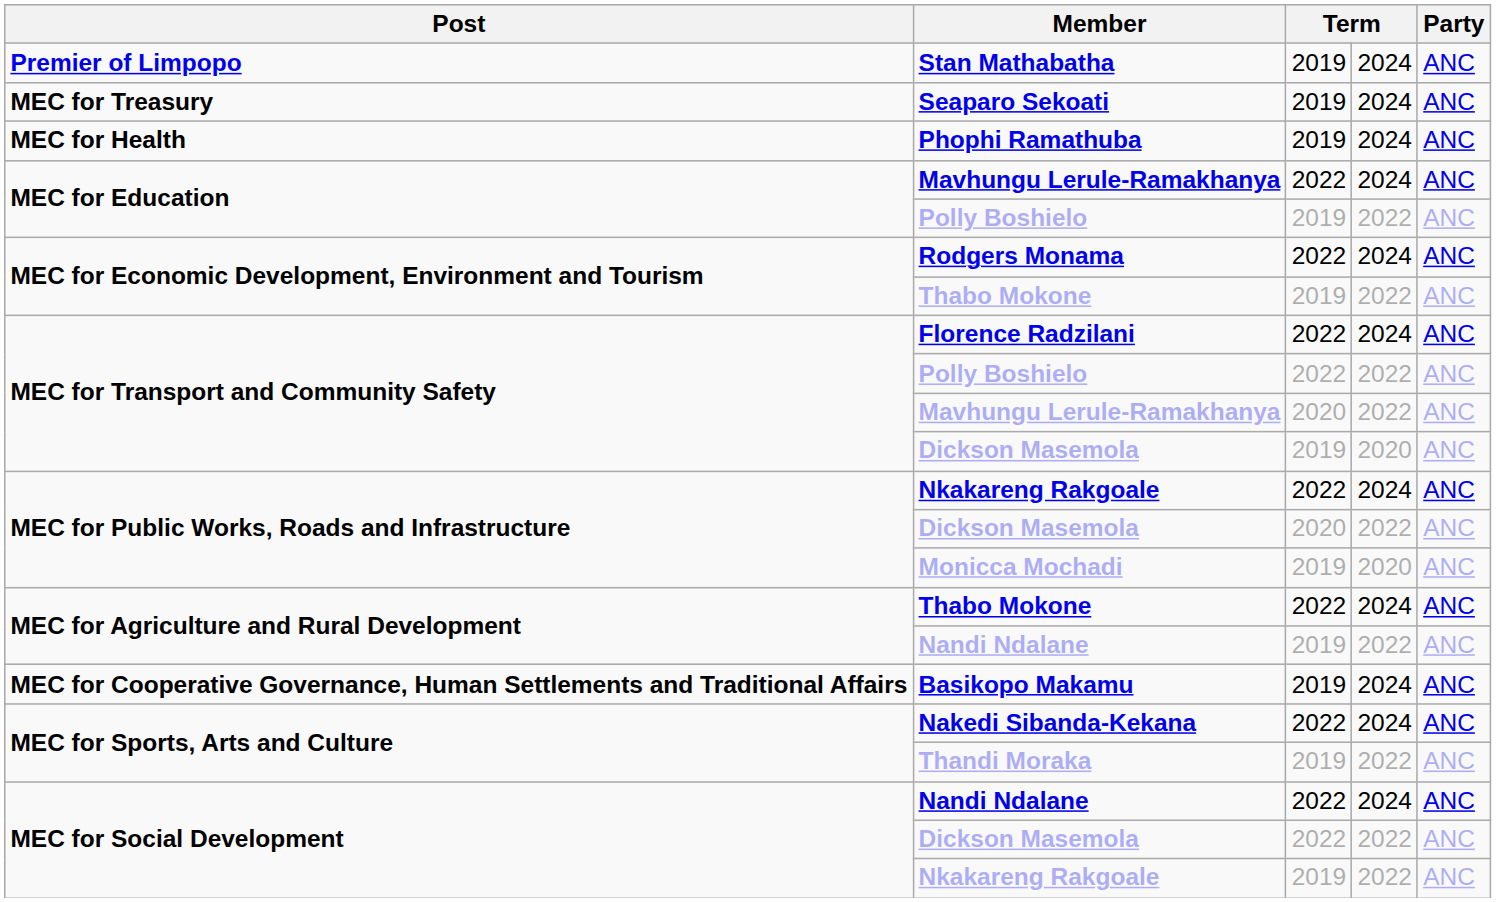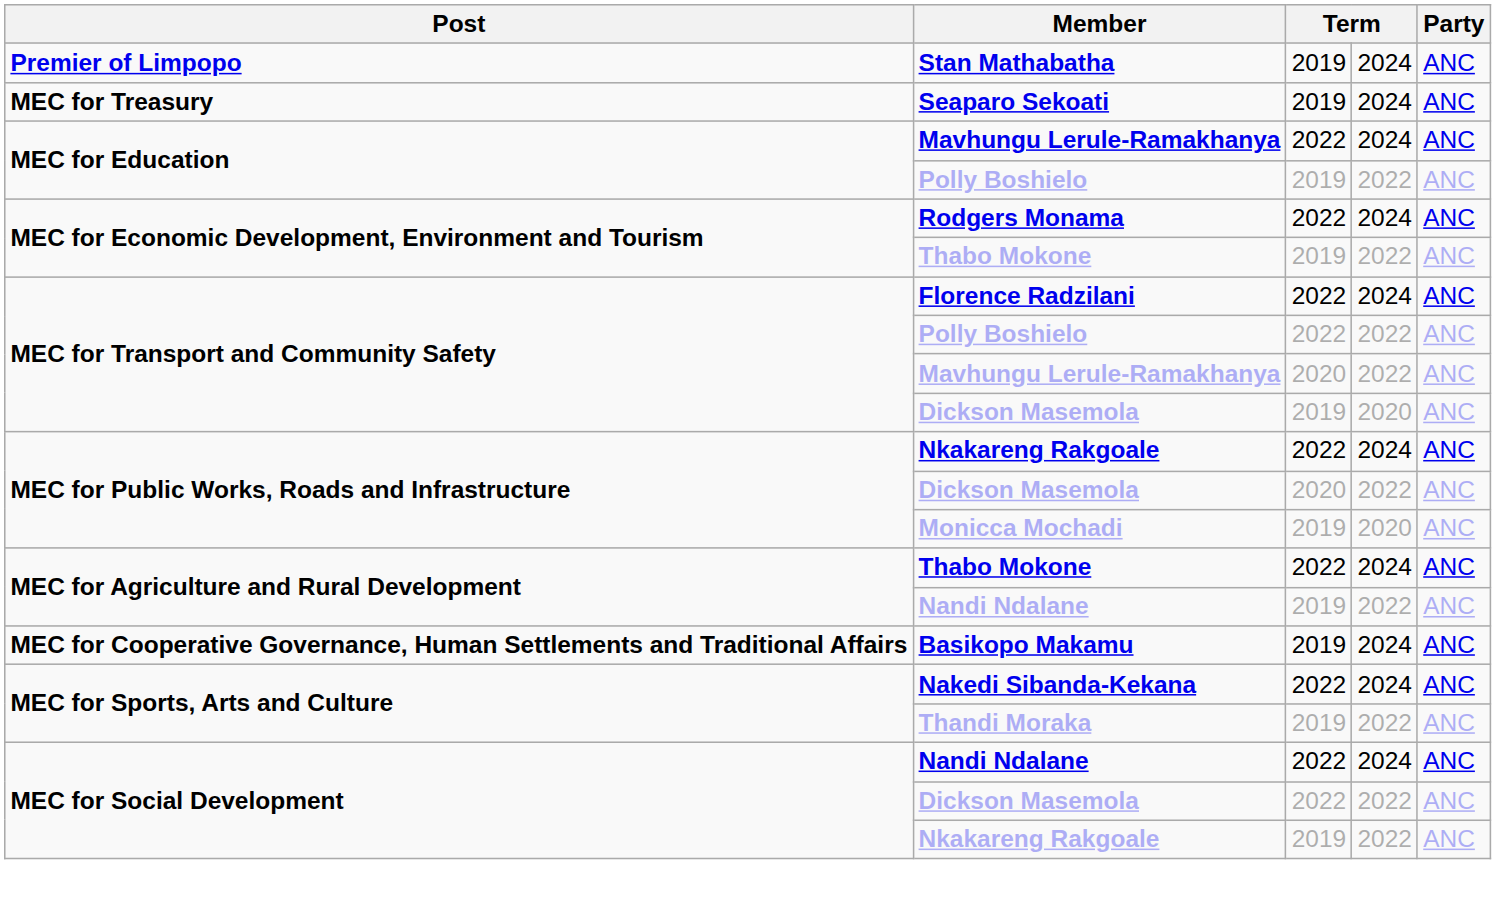 <table class="wikitable">
 <tr>
 <th>Post</th>
 <th>Member</th>
 <th colspan="2">Term</th>
 <th>Party</th>
 </tr>
 <tr>
 <td><strong><a href='#'>Premier of Limpopo</a></strong></td>
 <td><strong><a href='#'>Stan Mathabatha</a></strong></td>
 <td>2019</td>
 <td>2024</td>
 <td><a href='#'>ANC</a></td>
 </tr>
 <tr>
 <td><strong>MEC for Treasury</strong></td>
 <td><strong><a href='#'>Seaparo Sekoati</a></strong></td>
-<td>2019</td>
-<td>2024</td>
-<td><a href='#'>ANC</a></td>
-</tr>
-<tr>
-<td><strong>MEC for Health</strong></td>
-<td><strong><a href='#'>Phophi Ramathuba</a></strong></td>
 <td>2019</td>
 <td>2024</td>
 <td><a href='#'>ANC</a></td>
 </tr>
 <tr>
 <td rowspan="2"><strong>MEC for Education</strong></td>
 <td><strong><a href='#'>Mavhungu Lerule-Ramakhanya</a></strong></td>
 <td>2022</td>
 <td>2024</td>
 <td><a href='#'>ANC</a></td>
 </tr>
 <tr style="opacity:.3;">
 <td><strong><a href='#'>Polly Boshielo</a></strong></td>
 <td>2019</td>
 <td>2022</td>
 <td><a href='#'>ANC</a></td>
 </tr>
 <tr>
 <td rowspan="2"><strong>MEC for Economic Development, Environment and Tourism</strong></td>
 <td><strong><a href='#'>Rodgers Monama</a></strong></td>
 <td>2022</td>
 <td>2024</td>
 <td><a href='#'>ANC</a></td>
 </tr>
 <tr style="opacity:.3;">
 <td><strong><a href='#'>Thabo Mokone</a></strong></td>
 <td>2019</td>
 <td>2022</td>
 <td><a href='#'>ANC</a></td>
 </tr>
 <tr>
 <td rowspan="4"><strong>MEC for Transport and Community Safety</strong></td>
 <td><strong><a href='#'>Florence Radzilani</a></strong></td>
 <td>2022</td>
 <td>2024</td>
 <td><a href='#'>ANC</a></td>
 </tr>
 <tr style="opacity:.3;">
 <td><strong><a href='#'>Polly Boshielo</a></strong></td>
 <td>2022</td>
 <td>2022</td>
 <td><a href='#'>ANC</a></td>
 </tr>
 <tr style="opacity:.3;">
 <td><strong><a href='#'>Mavhungu Lerule-Ramakhanya</a></strong></td>
 <td>2020</td>
 <td>2022</td>
 <td><a href='#'>ANC</a></td>
 </tr>
 <tr style="opacity:.3;">
 <td><strong><a href='#'>Dickson Masemola</a></strong></td>
 <td>2019</td>
 <td>2020</td>
 <td><a href='#'>ANC</a></td>
 </tr>
 <tr>
 <td rowspan="3"><strong>MEC for Public Works, Roads and Infrastructure</strong></td>
 <td><strong><a href='#'>Nkakareng Rakgoale</a></strong></td>
 <td>2022</td>
 <td>2024</td>
 <td><a href='#'>ANC</a></td>
 </tr>
 <tr style="opacity:.3;">
 <td><strong><a href='#'>Dickson Masemola</a></strong></td>
 <td>2020</td>
 <td>2022</td>
 <td><a href='#'>ANC</a></td>
 </tr>
 <tr style="opacity:.3;">
 <td><strong><a href='#'>Monicca Mochadi</a></strong></td>
 <td>2019</td>
 <td>2020</td>
 <td><a href='#'>ANC</a></td>
 </tr>
 <tr>
 <td rowspan="2"><strong>MEC for Agriculture and Rural Development</strong></td>
 <td><strong><a href='#'>Thabo Mokone</a></strong></td>
 <td>2022</td>
 <td>2024</td>
 <td><a href='#'>ANC</a></td>
 </tr>
 <tr style="opacity:.3;">
 <td><strong><a href='#'>Nandi Ndalane</a></strong></td>
 <td>2019</td>
 <td>2022</td>
 <td><a href='#'>ANC</a></td>
 </tr>
 <tr>
 <td><strong>MEC for Cooperative Governance, Human Settlements and Traditional Affairs</strong></td>
 <td><strong><a href='#'>Basikopo Makamu</a></strong></td>
 <td>2019</td>
 <td>2024</td>
 <td><a href='#'>ANC</a></td>
 </tr>
 <tr>
 <td rowspan="2"><strong>MEC for Sports, Arts and Culture</strong></td>
 <td><strong><a href='#'>Nakedi Sibanda-Kekana</a></strong></td>
 <td>2022</td>
 <td>2024</td>
 <td><a href='#'>ANC</a></td>
 </tr>
 <tr style="opacity:.3;">
 <td><strong><a href='#'>Thandi Moraka</a></strong></td>
 <td>2019</td>
 <td>2022</td>
 <td><a href='#'>ANC</a></td>
 </tr>
 <tr>
 <td rowspan="3"><strong>MEC for Social Development</strong></td>
 <td><strong><a href='#'>Nandi Ndalane</a></strong></td>
 <td>2022</td>
 <td>2024</td>
 <td><a href='#'>ANC</a></td>
 </tr>
 <tr style="opacity:.3;">
 <td><strong><a href='#'>Dickson Masemola</a></strong></td>
 <td>2022</td>
 <td>2022</td>
 <td><a href='#'>ANC</a></td>
 </tr>
 <tr style="opacity:.3;">
 <td><strong><a href='#'>Nkakareng Rakgoale</a></strong></td>
 <td>2019</td>
 <td>2022</td>
 <td><a href='#'>ANC</a></td>
 </tr>
 </table>
